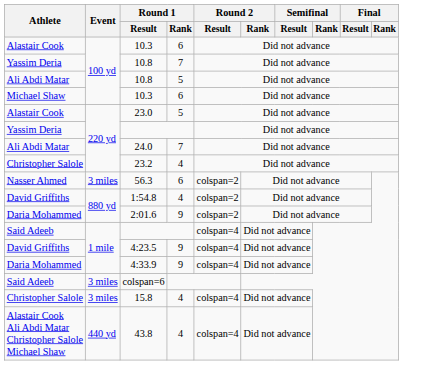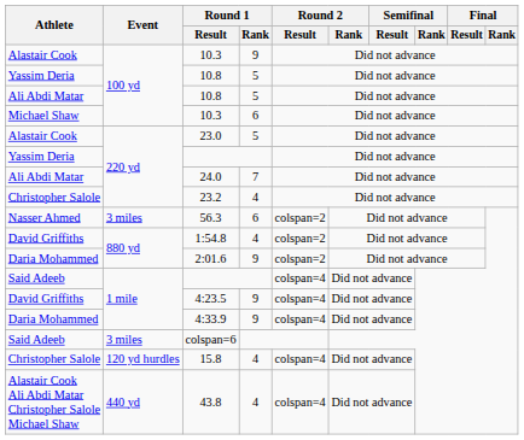 <table class=wikitable style=font-size:90%>
 <tr>
 <th rowspan=2>Athlete</th>
 <th rowspan=2>Event</th>
 <th colspan=2>Round 1</th>
 <th colspan=2>Round 2</th>
 <th colspan=2>Semifinal</th>
 <th colspan=2>Final</th>
 </tr>
 <tr style=font-size:95%>
 <th>Result</th>
 <th>Rank</th>
 <th>Result</th>
 <th>Rank</th>
 <th>Result</th>
 <th>Rank</th>
 <th>Result</th>
 <th>Rank</th>
 </tr>
 <tr align=center>
 <td align=left><a href='#'>Alastair Cook</a></td>
 <td align=left rowspan=4><a href='#'>100 yd</a></td>
 <td>10.3</td>
-<td>6</td>
+<td>9</td>
 <td colspan=6>Did not advance</td>
 </tr>
 <tr align=center>
 <td align=left><a href='#'>Yassim Deria</a></td>
 <td>10.8</td>
-<td>7</td>
+<td>5</td>
 <td colspan=6>Did not advance</td>
 </tr>
 <tr align=center>
 <td align=left><a href='#'>Ali Abdi Matar</a></td>
 <td>10.8</td>
 <td>5</td>
 <td colspan=6>Did not advance</td>
 </tr>
 <tr align=center>
 <td align=left><a href='#'>Michael Shaw</a></td>
 <td>10.3</td>
 <td>6</td>
 <td colspan=6>Did not advance</td>
 </tr>
 <tr align=center>
 <td align=left><a href='#'>Alastair Cook</a></td>
 <td align=left rowspan=4><a href='#'>220 yd</a></td>
 <td>23.0</td>
 <td>5</td>
 <td colspan=6>Did not advance</td>
 </tr>
 <tr align=center>
 <td align=left><a href='#'>Yassim Deria</a></td>
 <td colspan=2></td>
 <td colspan=6>Did not advance</td>
 </tr>
 <tr align=center>
 <td align=left><a href='#'>Ali Abdi Matar</a></td>
 <td>24.0</td>
 <td>7</td>
 <td colspan=6>Did not advance</td>
 </tr>
 <tr align=center>
 <td align=left><a href='#'>Christopher Salole</a></td>
 <td>23.2</td>
 <td>4</td>
 <td colspan=6>Did not advance</td>
 </tr>
 <tr align=center>
 <td align=left><a href='#'>Nasser Ahmed</a></td>
 <td align=left><a href='#'>3 miles</a></td>
 <td>56.3</td>
 <td>6</td>
 <td>colspan=2 </td>
 <td colspan=4>Did not advance</td>
 </tr>
 <tr align=center>
 <td align=left><a href='#'>David Griffiths</a></td>
 <td align=left rowspan=2><a href='#'>880 yd</a></td>
 <td>1:54.8</td>
 <td>4</td>
 <td>colspan=2 </td>
 <td colspan=4>Did not advance</td>
 </tr>
 <tr align=center>
 <td align=left><a href='#'>Daria Mohammed</a></td>
 <td>2:01.6</td>
 <td>9</td>
 <td>colspan=2 </td>
 <td colspan=4>Did not advance</td>
 </tr>
 <tr align=center>
 <td align=left><a href='#'>Said Adeeb</a></td>
 <td align=left rowspan=3><a href='#'>1 mile</a></td>
 <td colspan=2></td>
 <td>colspan=4 </td>
 <td colspan=2>Did not advance</td>
 </tr>
 <tr align=center>
 <td align=left><a href='#'>David Griffiths</a></td>
 <td>4:23.5</td>
 <td>9</td>
 <td>colspan=4 </td>
 <td colspan=2>Did not advance</td>
 </tr>
 <tr align=center>
 <td align=left><a href='#'>Daria Mohammed</a></td>
 <td>4:33.9</td>
 <td>9</td>
 <td>colspan=4 </td>
 <td colspan=2>Did not advance</td>
 </tr>
 <tr align=center>
 <td align=left><a href='#'>Said Adeeb</a></td>
 <td align=left><a href='#'>3 miles</a></td>
 <td>colspan=6 </td>
 <td colspan=2></td>
 </tr>
 <tr align=center>
 <td align=left><a href='#'>Christopher Salole</a></td>
-<td align=left><a href='#'>3 miles</a></td>
+<td align=left><a href='#'>120 yd hurdles</a></td>
 <td>15.8</td>
 <td>4</td>
 <td>colspan=4 </td>
 <td colspan=2>Did not advance</td>
 </tr>
 <tr align=center>
 <td align=left><a href='#'>Alastair Cook</a><br><a href='#'>Ali Abdi Matar</a><br><a href='#'>Christopher Salole</a><br><a href='#'>Michael Shaw</a></td>
 <td align=left><a href='#'>440 yd</a></td>
 <td>43.8</td>
 <td>4</td>
 <td>colspan=4 </td>
 <td colspan=2>Did not advance</td>
 </tr>
 </table>
